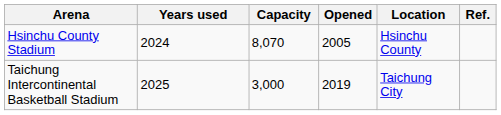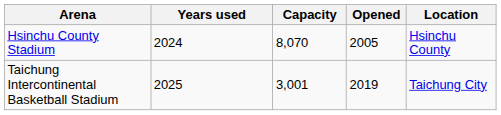 <table class="wikitable plainrowheaders” style="font-size: 85%; text-align: center; width: 100%;">
 <tr>
 <th style="width:19%">Arena</th>
 <th style="width:16%">Years used</th>
 <th style="width:5%">Capacity</th>
 <th style="width:2%">Opened</th>
 <th style="width:11%">Location</th>
-<th style="width:3%">Ref.</th>
 </tr>
 <tr>
 <td><a href='#'>Hsinchu County Stadium</a></td>
 <td>2024</td>
 <td>8,070</td>
 <td>2005</td>
 <td><a href='#'>Hsinchu County</a></td>
-<td align="center"></td>
 </tr>
 <tr>
 <td>Taichung Intercontinental Basketball Stadium</td>
 <td>2025</td>
-<td>3,000</td>
+<td>3,001</td>
 <td>2019</td>
 <td><a href='#'>Taichung City</a></td>
-<td align="center"></td>
 </tr>
 </table>
